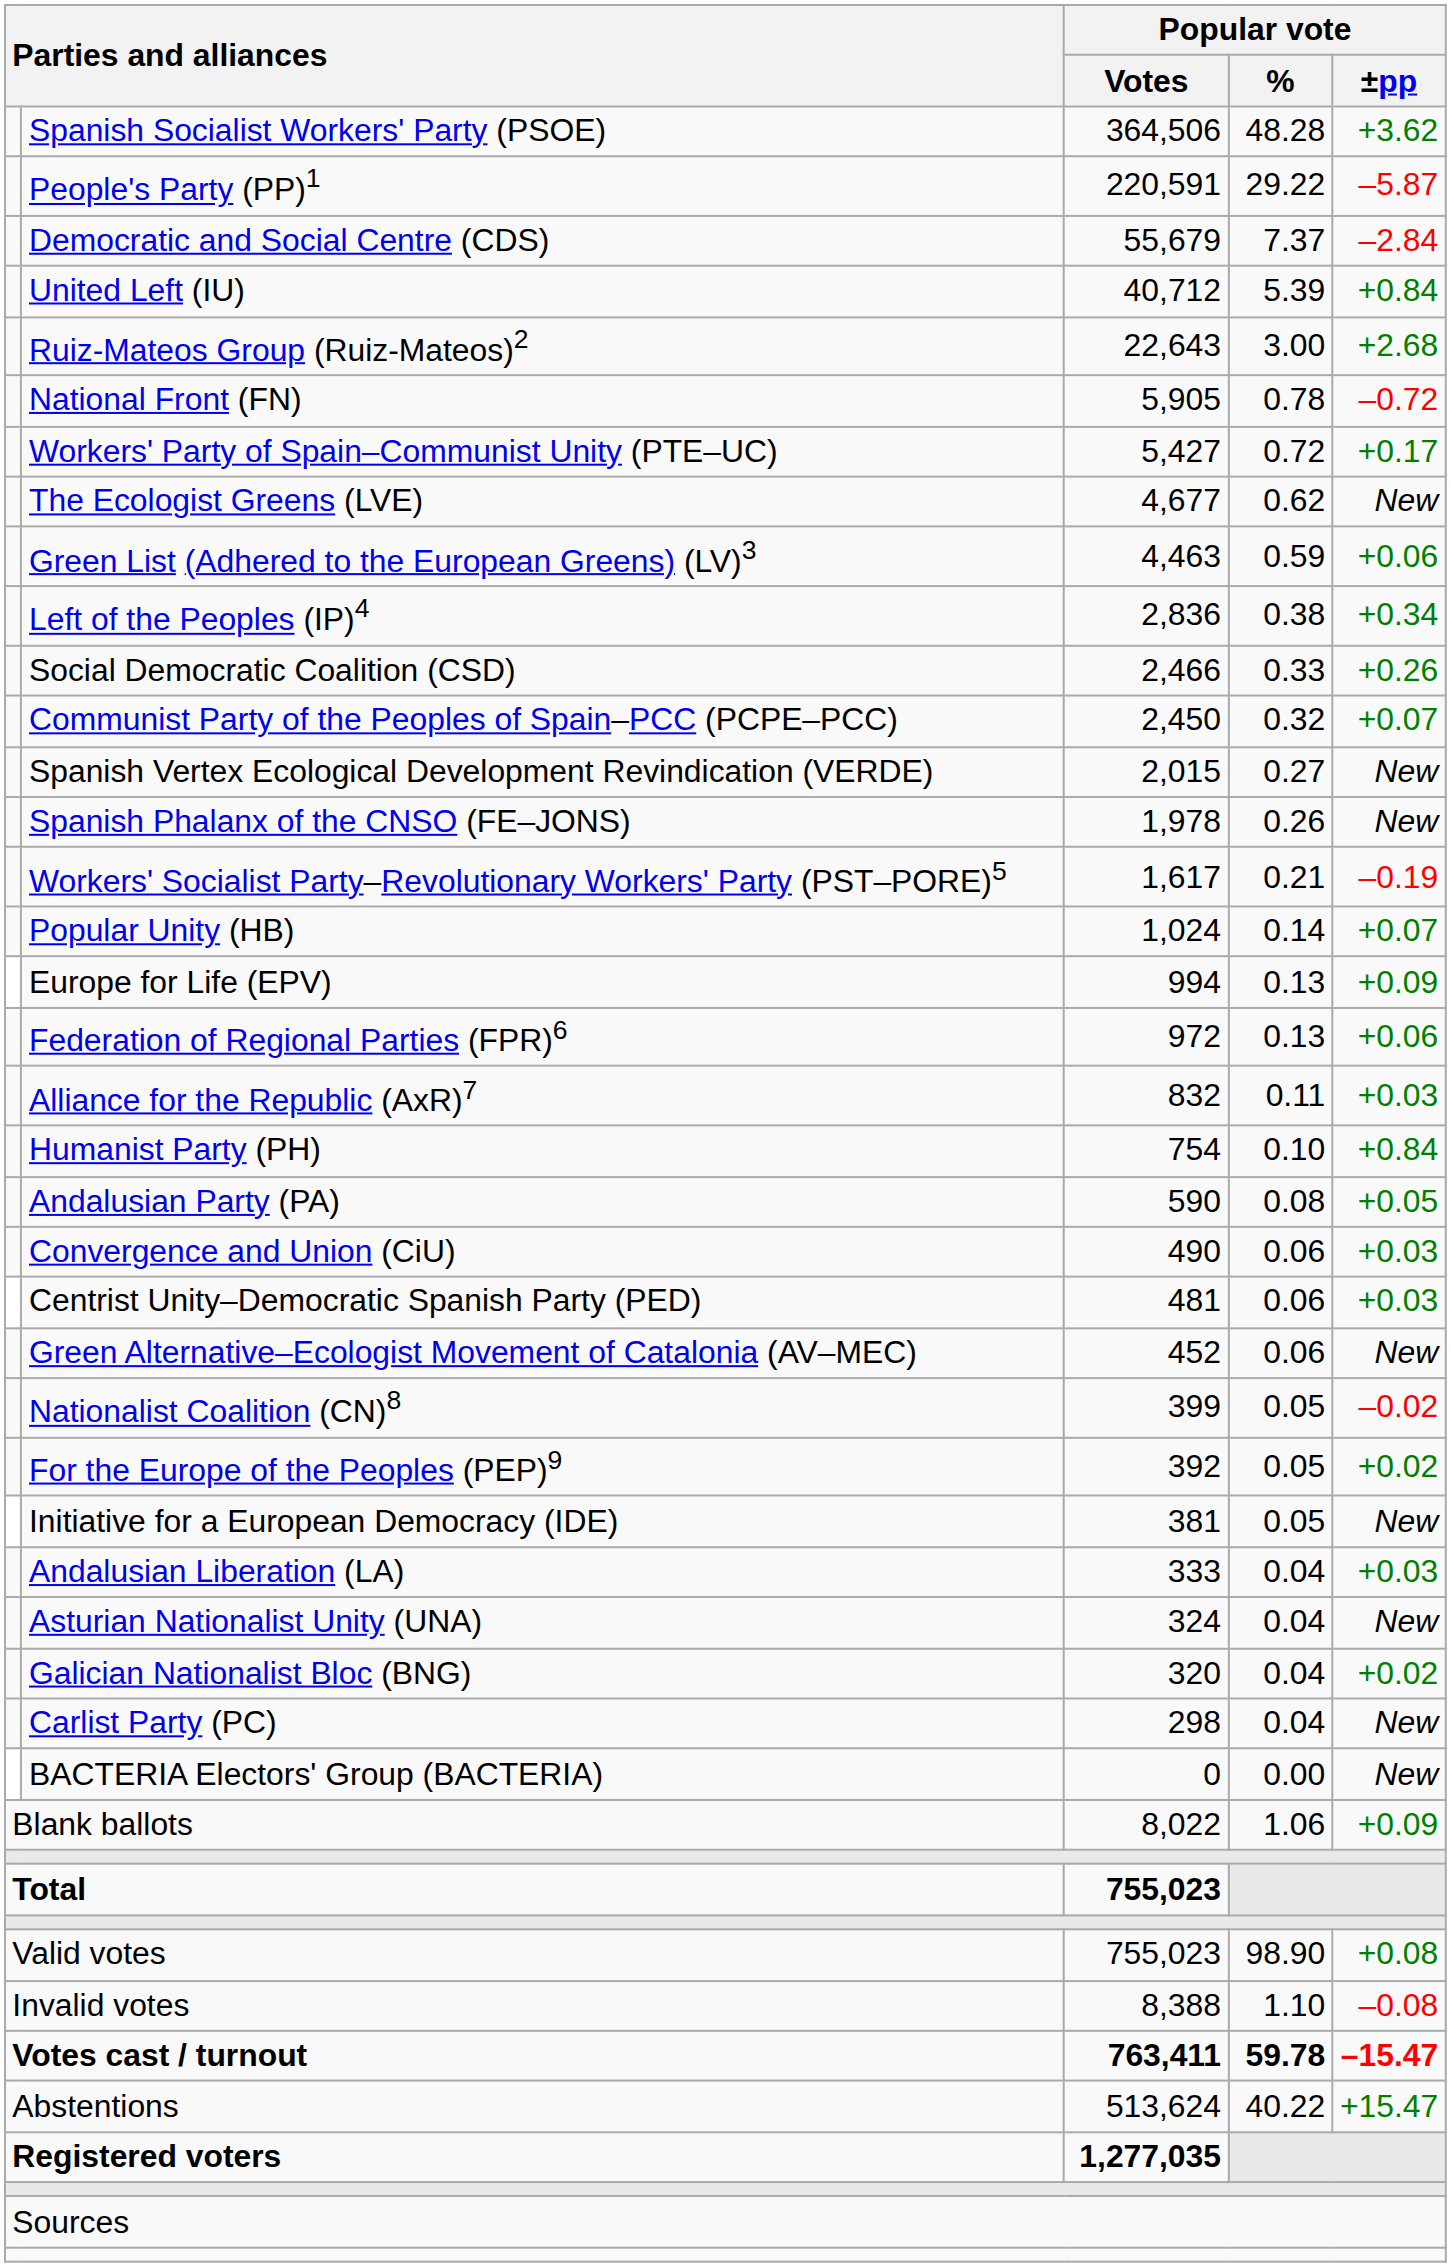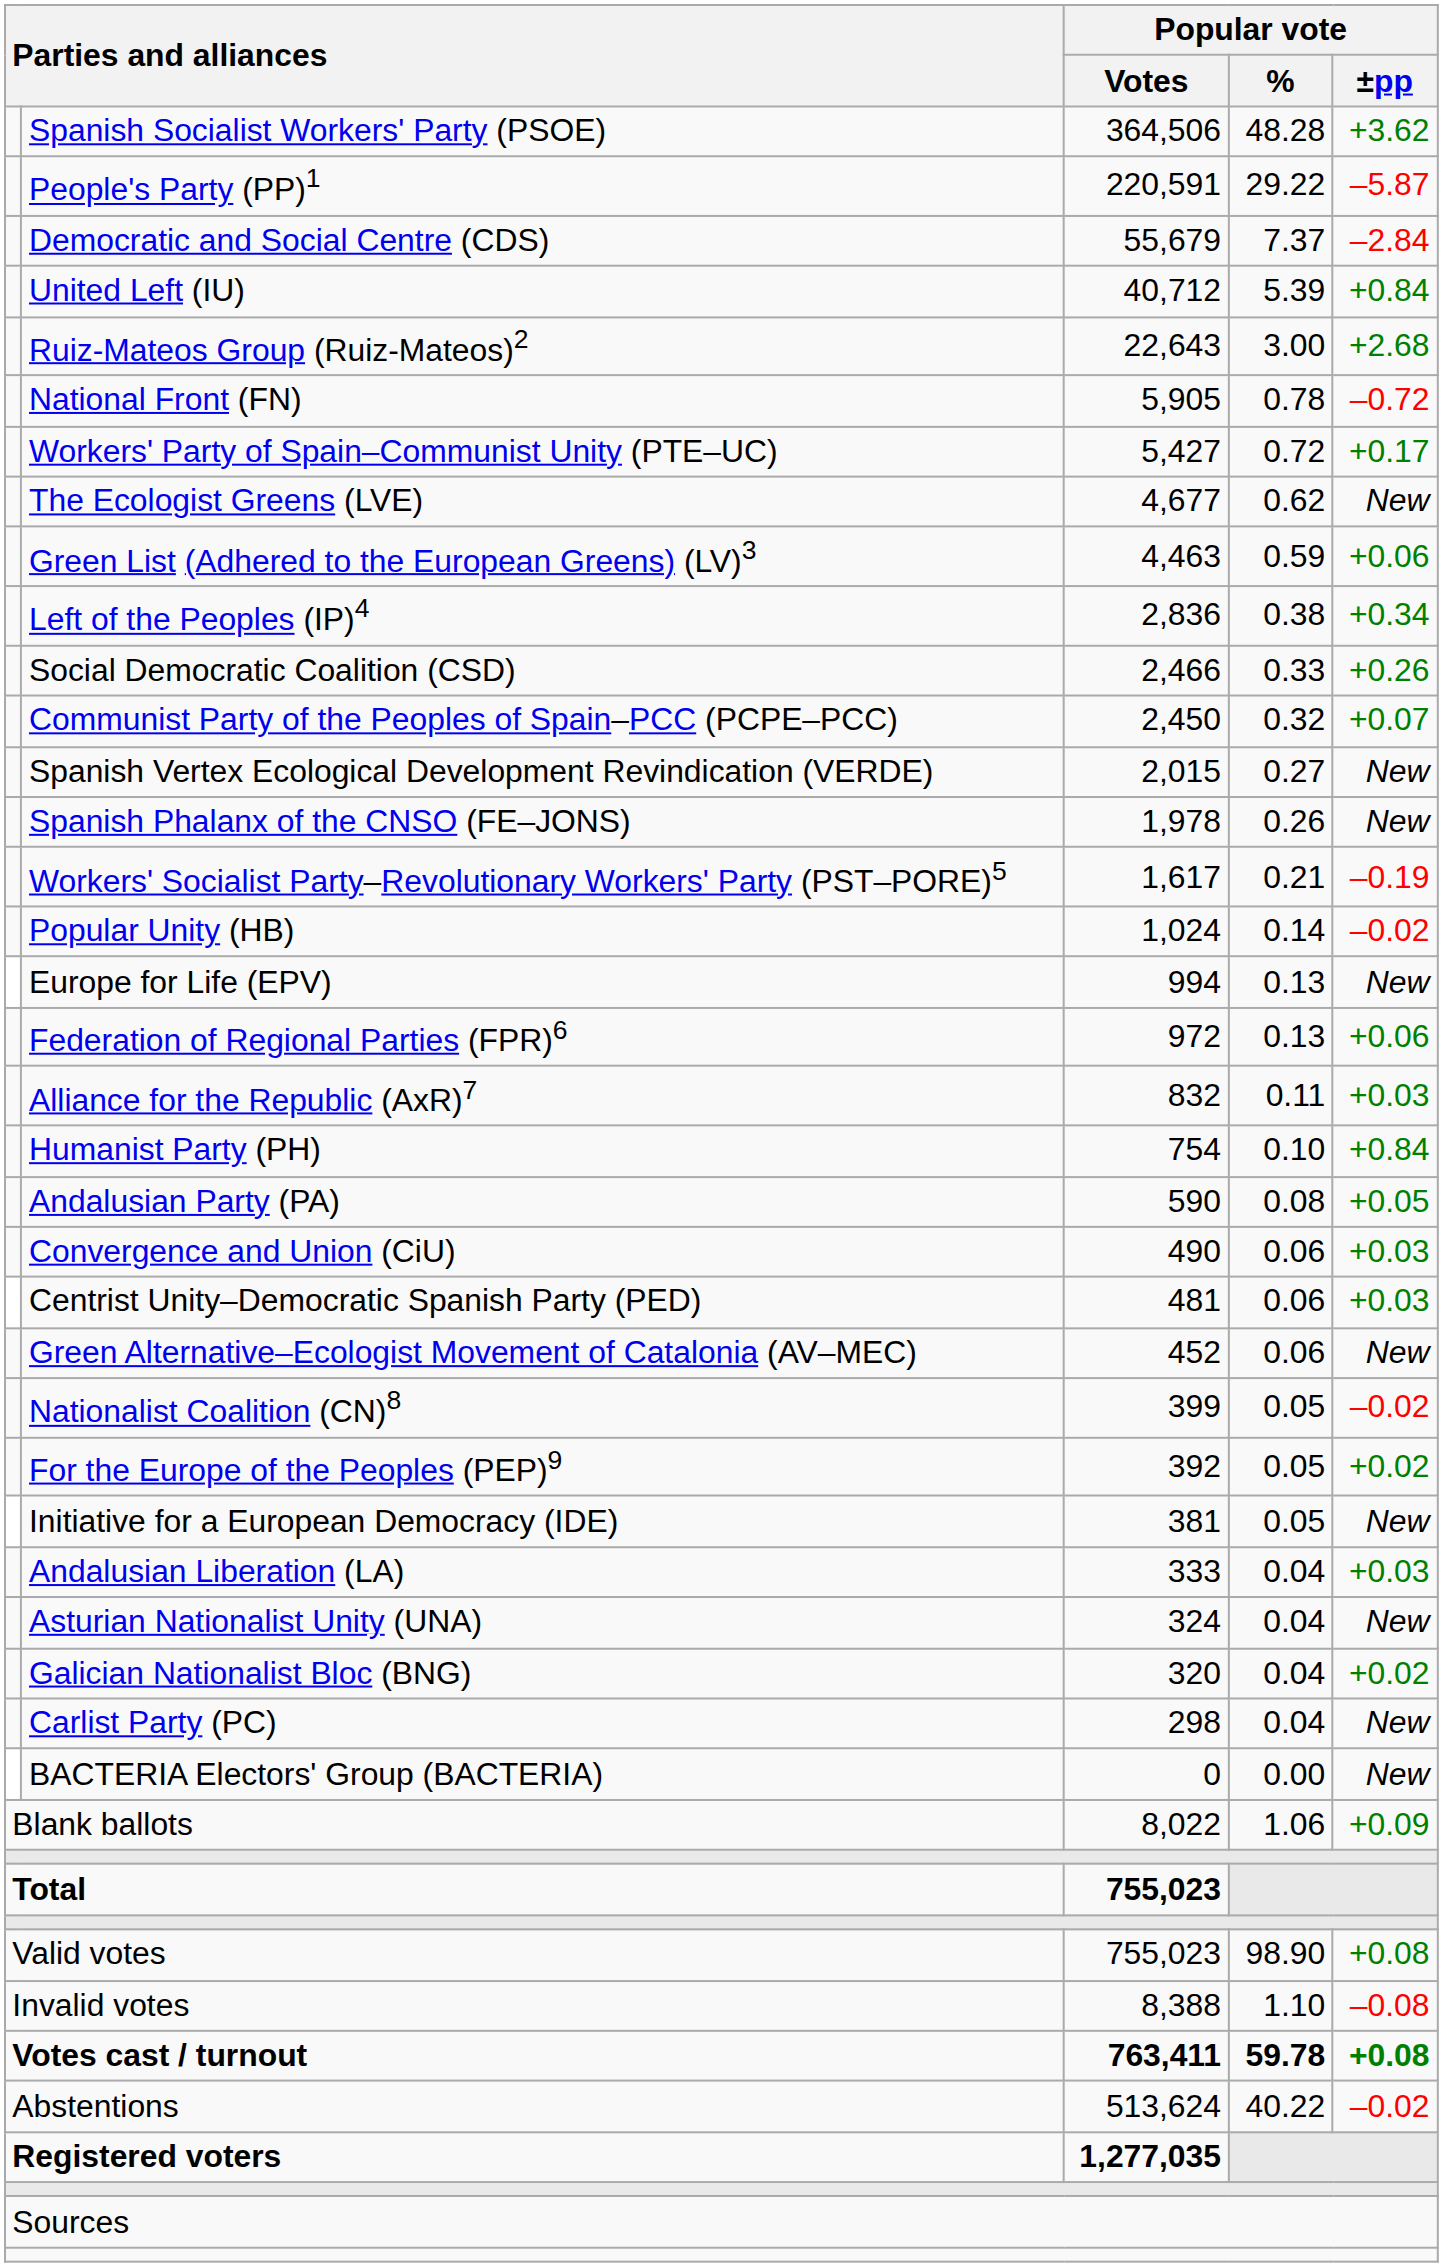 <table class="wikitable" style="text-align:right">
 <tr>
 <th style="text-align:left;" rowspan="2" colspan="2" width="525">Parties and alliances</th>
 <th colspan="3">Popular vote</th>
 </tr>
 <tr>
 <th width="75">Votes</th>
 <th width="45">%</th>
 <th width="45">±<a href='#'>pp</a></th>
 </tr>
 <tr>
 <td width="1" style="color:inherit;background:"></td>
 <td align="left"><a href='#'>Spanish Socialist Workers' Party</a> (PSOE)</td>
 <td>364,506</td>
 <td>48.28</td>
 <td style="color:green;">+3.62</td>
 </tr>
 <tr>
 <td style="color:inherit;background:"></td>
 <td align="left"><a href='#'>People's Party</a> (PP)<sup>1</sup></td>
 <td>220,591</td>
 <td>29.22</td>
 <td style="color:red;">–5.87</td>
 </tr>
 <tr>
 <td style="color:inherit;background:"></td>
 <td align="left"><a href='#'>Democratic and Social Centre</a> (CDS)</td>
 <td>55,679</td>
 <td>7.37</td>
 <td style="color:red;">–2.84</td>
 </tr>
 <tr>
 <td style="color:inherit;background:"></td>
 <td align="left"><a href='#'>United Left</a> (IU)</td>
 <td>40,712</td>
 <td>5.39</td>
 <td style="color:green;">+0.84</td>
 </tr>
 <tr>
 <td style="color:inherit;background:"></td>
 <td align="left"><a href='#'>Ruiz-Mateos Group</a> (Ruiz-Mateos)<sup>2</sup></td>
 <td>22,643</td>
 <td>3.00</td>
 <td style="color:green;">+2.68</td>
 </tr>
 <tr>
 <td style="color:inherit;background:"></td>
 <td align="left"><a href='#'>National Front</a> (FN)</td>
 <td>5,905</td>
 <td>0.78</td>
 <td style="color:red;">–0.72</td>
 </tr>
 <tr>
 <td style="color:inherit;background:"></td>
 <td align="left"><a href='#'>Workers' Party of Spain–Communist Unity</a> (PTE–UC)</td>
 <td>5,427</td>
 <td>0.72</td>
 <td style="color:green;">+0.17</td>
 </tr>
 <tr>
 <td style="color:inherit;background:"></td>
 <td align="left"><a href='#'>The Ecologist Greens</a> (LVE)</td>
 <td>4,677</td>
 <td>0.62</td>
 <td><em>New</em></td>
 </tr>
 <tr>
 <td style="color:inherit;background:"></td>
 <td align="left"><a href='#'>Green List</a> <a href='#'>(Adhered to the European Greens)</a> (LV)<sup>3</sup></td>
 <td>4,463</td>
 <td>0.59</td>
 <td style="color:green;">+0.06</td>
 </tr>
 <tr>
 <td style="color:inherit;background:"></td>
 <td align="left"><a href='#'>Left of the Peoples</a> (IP)<sup>4</sup></td>
 <td>2,836</td>
 <td>0.38</td>
 <td style="color:green;">+0.34</td>
 </tr>
 <tr>
 <td style="color:inherit;background:"></td>
 <td align="left">Social Democratic Coalition (CSD)</td>
 <td>2,466</td>
 <td>0.33</td>
 <td style="color:green;">+0.26</td>
 </tr>
 <tr>
 <td style="color:inherit;background:"></td>
 <td align="left"><a href='#'>Communist Party of the Peoples of Spain</a>–<a href='#'>PCC</a> (PCPE–PCC)</td>
 <td>2,450</td>
 <td>0.32</td>
 <td style="color:green;">+0.07</td>
 </tr>
 <tr>
 <td style="color:inherit;background:"></td>
 <td align="left">Spanish Vertex Ecological Development Revindication (VERDE)</td>
 <td>2,015</td>
 <td>0.27</td>
 <td><em>New</em></td>
 </tr>
 <tr>
 <td style="color:inherit;background:"></td>
 <td align="left"><a href='#'>Spanish Phalanx of the CNSO</a> (FE–JONS)</td>
 <td>1,978</td>
 <td>0.26</td>
 <td><em>New</em></td>
 </tr>
 <tr>
 <td style="color:inherit;background:"></td>
 <td align="left"><a href='#'>Workers' Socialist Party</a>–<a href='#'>Revolutionary Workers' Party</a> (PST–PORE)<sup>5</sup></td>
 <td>1,617</td>
 <td>0.21</td>
 <td style="color:red;">–0.19</td>
 </tr>
 <tr>
 <td style="color:inherit;background:"></td>
 <td align="left"><a href='#'>Popular Unity</a> (HB)</td>
 <td>1,024</td>
 <td>0.14</td>
-<td style="color:green;">+0.07</td>
+<td style="color:red;">–0.02</td>
 </tr>
 <tr>
 <td bgcolor="white"></td>
 <td align="left">Europe for Life (EPV)</td>
 <td>994</td>
 <td>0.13</td>
-<td style="color:green;">+0.09</td>
+<td><em>New</em></td>
 </tr>
 <tr>
 <td style="color:inherit;background:"></td>
 <td align="left"><a href='#'>Federation of Regional Parties</a> (FPR)<sup>6</sup></td>
 <td>972</td>
 <td>0.13</td>
 <td style="color:green;">+0.06</td>
 </tr>
 <tr>
 <td style="color:inherit;background:"></td>
 <td align="left"><a href='#'>Alliance for the Republic</a> (AxR)<sup>7</sup></td>
 <td>832</td>
 <td>0.11</td>
 <td style="color:green;">+0.03</td>
 </tr>
 <tr>
 <td style="color:inherit;background:"></td>
 <td align="left"><a href='#'>Humanist Party</a> (PH)</td>
 <td>754</td>
 <td>0.10</td>
 <td style="color:green;">+0.84</td>
 </tr>
 <tr>
 <td style="color:inherit;background:"></td>
 <td align="left"><a href='#'>Andalusian Party</a> (PA)</td>
 <td>590</td>
 <td>0.08</td>
 <td style="color:green;">+0.05</td>
 </tr>
 <tr>
 <td style="color:inherit;background:"></td>
 <td align="left"><a href='#'>Convergence and Union</a> (CiU)</td>
 <td>490</td>
 <td>0.06</td>
 <td style="color:green;">+0.03</td>
 </tr>
 <tr>
 <td bgcolor="white"></td>
 <td align="left">Centrist Unity–Democratic Spanish Party (PED)</td>
 <td>481</td>
 <td>0.06</td>
 <td style="color:green;">+0.03</td>
 </tr>
 <tr>
 <td style="color:inherit;background:"></td>
 <td align="left"><a href='#'>Green Alternative–Ecologist Movement of Catalonia</a> (AV–MEC)</td>
 <td>452</td>
 <td>0.06</td>
 <td><em>New</em></td>
 </tr>
 <tr>
 <td style="color:inherit;background:"></td>
 <td align="left"><a href='#'>Nationalist Coalition</a> (CN)<sup>8</sup></td>
 <td>399</td>
 <td>0.05</td>
 <td style="color:red;">–0.02</td>
 </tr>
 <tr>
 <td style="color:inherit;background:"></td>
 <td align="left"><a href='#'>For the Europe of the Peoples</a> (PEP)<sup>9</sup></td>
 <td>392</td>
 <td>0.05</td>
 <td style="color:green;">+0.02</td>
 </tr>
 <tr>
 <td bgcolor="white"></td>
 <td align="left">Initiative for a European Democracy (IDE)</td>
 <td>381</td>
 <td>0.05</td>
 <td><em>New</em></td>
 </tr>
 <tr>
 <td style="color:inherit;background:"></td>
 <td align="left"><a href='#'>Andalusian Liberation</a> (LA)</td>
 <td>333</td>
 <td>0.04</td>
 <td style="color:green;">+0.03</td>
 </tr>
 <tr>
 <td style="color:inherit;background:"></td>
 <td align="left"><a href='#'>Asturian Nationalist Unity</a> (UNA)</td>
 <td>324</td>
 <td>0.04</td>
 <td><em>New</em></td>
 </tr>
 <tr>
 <td style="color:inherit;background:"></td>
 <td align="left"><a href='#'>Galician Nationalist Bloc</a> (BNG)</td>
 <td>320</td>
 <td>0.04</td>
 <td style="color:green;">+0.02</td>
 </tr>
 <tr>
 <td style="color:inherit;background:"></td>
 <td align="left"><a href='#'>Carlist Party</a> (PC)</td>
 <td>298</td>
 <td>0.04</td>
 <td><em>New</em></td>
 </tr>
 <tr>
 <td bgcolor="white"></td>
 <td align="left">BACTERIA Electors' Group (BACTERIA)</td>
 <td>0</td>
 <td>0.00</td>
 <td><em>New</em></td>
 </tr>
 <tr>
 <td align="left" colspan="2">Blank ballots</td>
 <td>8,022</td>
 <td>1.06</td>
 <td style="color:green;">+0.09</td>
 </tr>
 <tr>
 <td colspan="5" bgcolor="#E9E9E9"></td>
 </tr>
 <tr style="font-weight:bold;">
 <td align="left" colspan="2">Total</td>
 <td>755,023</td>
 <td bgcolor="#E9E9E9" colspan="2"></td>
 </tr>
 <tr>
 <td colspan="5" bgcolor="#E9E9E9"></td>
 </tr>
 <tr>
 <td align="left" colspan="2">Valid votes</td>
 <td>755,023</td>
 <td>98.90</td>
 <td style="color:green;">+0.08</td>
 </tr>
 <tr>
 <td align="left" colspan="2">Invalid votes</td>
 <td>8,388</td>
 <td>1.10</td>
 <td style="color:red;">–0.08</td>
 </tr>
 <tr style="font-weight:bold;">
 <td align="left" colspan="2">Votes cast / turnout</td>
 <td>763,411</td>
 <td>59.78</td>
-<td style="color:red;">–15.47</td>
+<td style="color:green;">+0.08</td>
 </tr>
 <tr>
 <td align="left" colspan="2">Abstentions</td>
 <td>513,624</td>
 <td>40.22</td>
-<td style="color:green;">+15.47</td>
+<td style="color:red;">–0.02</td>
 </tr>
 <tr style="font-weight:bold;">
 <td align="left" colspan="2">Registered voters</td>
 <td>1,277,035</td>
 <td bgcolor="#E9E9E9" colspan="2"></td>
 </tr>
 <tr>
 <td colspan="5" bgcolor="#E9E9E9"></td>
 </tr>
 <tr>
 <td align="left" colspan="5">Sources</td>
 </tr>
 <tr>
 <td colspan="5" style="text-align:left; max-width:680px;"></td>
 </tr>
 </table>
